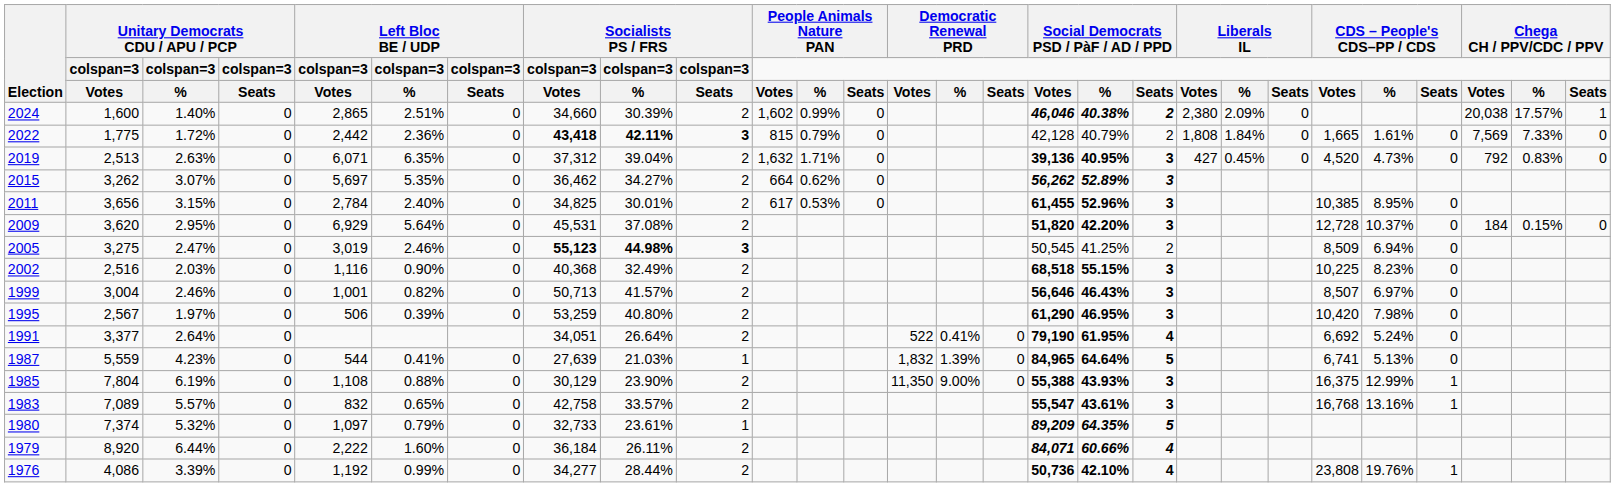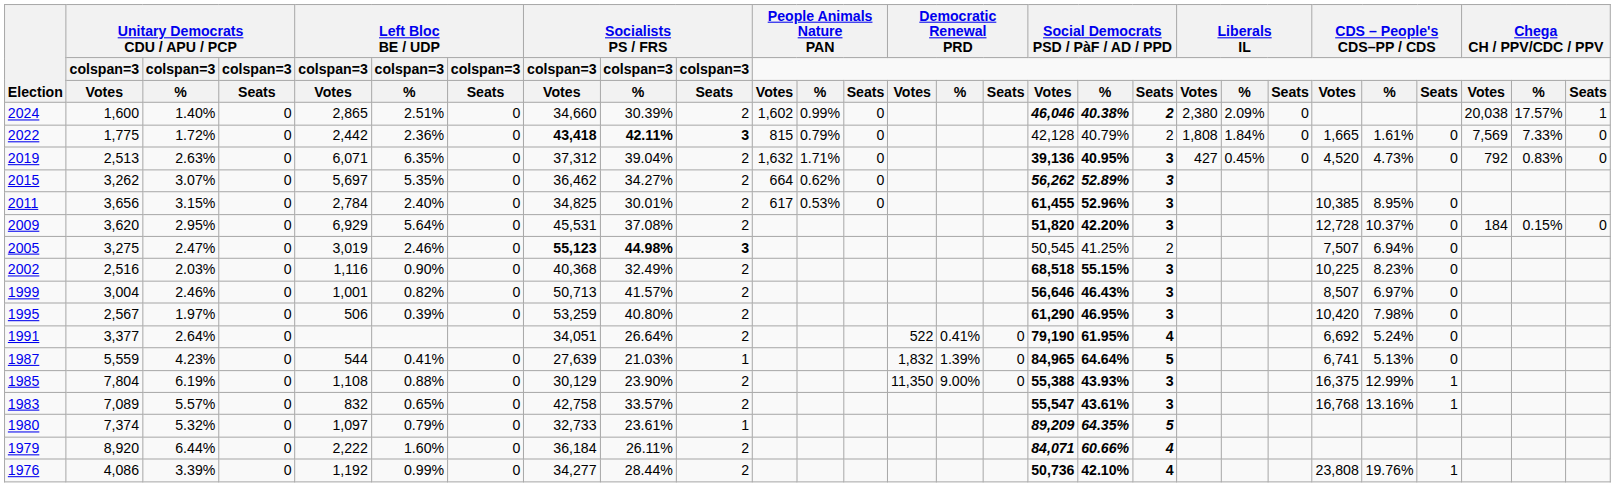 <table class="wikitable" border="1" style="font-size:85%; text-align:right;">
 <tr>
 <th style="text-align:left;" valign=bottom rowspan=3>Election</th>
 <th valign=bottom colspan=3><a href='#'>Unitary Democrats</a><br>CDU / APU / PCP</th>
 <th valign=bottom colspan=3><a href='#'>Left Bloc</a><br>BE / UDP</th>
 <th valign=bottom colspan=3><a href='#'>Socialists</a><br>PS / FRS</th>
 <th valign=bottom colspan=3><a href='#'>People Animals Nature</a><br>PAN</th>
 <th valign=bottom colspan=3><a href='#'>Democratic Renewal</a><br>PRD</th>
 <th valign=bottom colspan=3><a href='#'>Social Democrats</a><br>PSD / PàF / AD / PPD</th>
 <th valign=bottom colspan=3><a href='#'>Liberals</a><br>IL</th>
 <th valign=bottom colspan=3><a href='#'>CDS – People's</a><br>CDS–PP / CDS</th>
 <th valign=bottom colspan=3><a href='#'>Chega</a><br>CH / PPV/CDC / PPV</th>
 </tr>
 <tr>
 <th>colspan=3 </th>
 <th>colspan=3 </th>
 <th>colspan=3 </th>
 <th>colspan=3 </th>
 <th>colspan=3 </th>
 <th>colspan=3 </th>
 <th>colspan=3 </th>
 <th>colspan=3 </th>
 <th>colspan=3 </th>
 </tr>
 <tr>
 <th>Votes</th>
 <th>%</th>
 <th>Seats</th>
 <th>Votes</th>
 <th>%</th>
 <th>Seats</th>
 <th>Votes</th>
 <th>%</th>
 <th>Seats</th>
 <th>Votes</th>
 <th>%</th>
 <th>Seats</th>
 <th>Votes</th>
 <th>%</th>
 <th>Seats</th>
 <th>Votes</th>
 <th>%</th>
 <th>Seats</th>
 <th>Votes</th>
 <th>%</th>
 <th>Seats</th>
 <th>Votes</th>
 <th>%</th>
 <th>Seats</th>
 <th>Votes</th>
 <th>%</th>
 <th>Seats</th>
 </tr>
 <tr>
 <td align=left><a href='#'>2024</a></td>
 <td>1,600</td>
 <td>1.40%</td>
 <td>0</td>
 <td>2,865</td>
 <td>2.51%</td>
 <td>0</td>
 <td>34,660</td>
 <td>30.39%</td>
 <td>2</td>
 <td>1,602</td>
 <td>0.99%</td>
 <td>0</td>
 <td></td>
 <td></td>
 <td></td>
 <td><strong><em>46,046</em></strong></td>
 <td><strong><em>40.38%</em></strong></td>
 <td><strong><em>2</em></strong></td>
 <td>2,380</td>
 <td>2.09%</td>
 <td>0</td>
 <td></td>
 <td></td>
 <td></td>
 <td>20,038</td>
 <td>17.57%</td>
 <td>1</td>
 </tr>
 <tr>
 <td align=left><a href='#'>2022</a></td>
 <td>1,775</td>
 <td>1.72%</td>
 <td>0</td>
 <td>2,442</td>
 <td>2.36%</td>
 <td>0</td>
 <td><strong>43,418</strong></td>
 <td><strong>42.11%</strong></td>
 <td><strong>3</strong></td>
 <td>815</td>
 <td>0.79%</td>
 <td>0</td>
 <td></td>
 <td></td>
 <td></td>
 <td>42,128</td>
 <td>40.79%</td>
 <td>2</td>
 <td>1,808</td>
 <td>1.84%</td>
 <td>0</td>
 <td>1,665</td>
 <td>1.61%</td>
 <td>0</td>
 <td>7,569</td>
 <td>7.33%</td>
 <td>0</td>
 </tr>
 <tr>
 <td align=left><a href='#'>2019</a></td>
 <td>2,513</td>
 <td>2.63%</td>
 <td>0</td>
 <td>6,071</td>
 <td>6.35%</td>
 <td>0</td>
 <td>37,312</td>
 <td>39.04%</td>
 <td>2</td>
 <td>1,632</td>
 <td>1.71%</td>
 <td>0</td>
 <td></td>
 <td></td>
 <td></td>
 <td><strong>39,136</strong></td>
 <td><strong>40.95%</strong></td>
 <td><strong>3</strong></td>
 <td>427</td>
 <td>0.45%</td>
 <td>0</td>
 <td>4,520</td>
 <td>4.73%</td>
 <td>0</td>
 <td>792</td>
 <td>0.83%</td>
 <td>0</td>
 </tr>
 <tr>
 <td align=left><a href='#'>2015</a></td>
 <td>3,262</td>
 <td>3.07%</td>
 <td>0</td>
 <td>5,697</td>
 <td>5.35%</td>
 <td>0</td>
 <td>36,462</td>
 <td>34.27%</td>
 <td>2</td>
 <td>664</td>
 <td>0.62%</td>
 <td>0</td>
 <td></td>
 <td></td>
 <td></td>
 <td><strong><em>56,262</em></strong></td>
 <td><strong><em>52.89%</em></strong></td>
 <td><strong><em>3</em></strong></td>
 <td></td>
 <td></td>
 <td></td>
 <td></td>
 <td></td>
 <td></td>
 <td></td>
 <td></td>
 <td></td>
 </tr>
 <tr>
 <td align=left><a href='#'>2011</a></td>
 <td>3,656</td>
 <td>3.15%</td>
 <td>0</td>
 <td>2,784</td>
 <td>2.40%</td>
 <td>0</td>
 <td>34,825</td>
 <td>30.01%</td>
 <td>2</td>
 <td>617</td>
 <td>0.53%</td>
 <td>0</td>
 <td></td>
 <td></td>
 <td></td>
 <td><strong>61,455</strong></td>
 <td><strong>52.96%</strong></td>
 <td><strong>3</strong></td>
 <td></td>
 <td></td>
 <td></td>
 <td>10,385</td>
 <td>8.95%</td>
 <td>0</td>
 <td></td>
 <td></td>
 <td></td>
 </tr>
 <tr>
 <td align=left><a href='#'>2009</a></td>
 <td>3,620</td>
 <td>2.95%</td>
 <td>0</td>
 <td>6,929</td>
 <td>5.64%</td>
 <td>0</td>
 <td>45,531</td>
 <td>37.08%</td>
 <td>2</td>
 <td></td>
 <td></td>
 <td></td>
 <td></td>
 <td></td>
 <td></td>
 <td><strong>51,820</strong></td>
 <td><strong>42.20%</strong></td>
 <td><strong>3</strong></td>
 <td></td>
 <td></td>
 <td></td>
 <td>12,728</td>
 <td>10.37%</td>
 <td>0</td>
 <td>184</td>
 <td>0.15%</td>
 <td>0</td>
 </tr>
 <tr>
 <td align=left><a href='#'>2005</a></td>
 <td>3,275</td>
 <td>2.47%</td>
 <td>0</td>
 <td>3,019</td>
 <td>2.46%</td>
 <td>0</td>
 <td><strong>55,123</strong></td>
 <td><strong>44.98%</strong></td>
 <td><strong>3</strong></td>
 <td></td>
 <td></td>
 <td></td>
 <td></td>
 <td></td>
 <td></td>
 <td>50,545</td>
 <td>41.25%</td>
 <td>2</td>
 <td></td>
 <td></td>
 <td></td>
-<td>8,509</td>
+<td>7,507</td>
 <td>6.94%</td>
 <td>0</td>
 <td></td>
 <td></td>
 <td></td>
 </tr>
 <tr>
 <td align=left><a href='#'>2002</a></td>
 <td>2,516</td>
 <td>2.03%</td>
 <td>0</td>
 <td>1,116</td>
 <td>0.90%</td>
 <td>0</td>
 <td>40,368</td>
 <td>32.49%</td>
 <td>2</td>
 <td></td>
 <td></td>
 <td></td>
 <td></td>
 <td></td>
 <td></td>
 <td><strong>68,518</strong></td>
 <td><strong>55.15%</strong></td>
 <td><strong>3</strong></td>
 <td></td>
 <td></td>
 <td></td>
 <td>10,225</td>
 <td>8.23%</td>
 <td>0</td>
 <td></td>
 <td></td>
 <td></td>
 </tr>
 <tr>
 <td align=left><a href='#'>1999</a></td>
 <td>3,004</td>
 <td>2.46%</td>
 <td>0</td>
 <td>1,001</td>
 <td>0.82%</td>
 <td>0</td>
 <td>50,713</td>
 <td>41.57%</td>
 <td>2</td>
 <td></td>
 <td></td>
 <td></td>
 <td></td>
 <td></td>
 <td></td>
 <td><strong>56,646</strong></td>
 <td><strong>46.43%</strong></td>
 <td><strong>3</strong></td>
 <td></td>
 <td></td>
 <td></td>
 <td>8,507</td>
 <td>6.97%</td>
 <td>0</td>
 <td></td>
 <td></td>
 <td></td>
 </tr>
 <tr>
 <td align=left><a href='#'>1995</a></td>
 <td>2,567</td>
 <td>1.97%</td>
 <td>0</td>
 <td>506</td>
 <td>0.39%</td>
 <td>0</td>
 <td>53,259</td>
 <td>40.80%</td>
 <td>2</td>
 <td></td>
 <td></td>
 <td></td>
 <td></td>
 <td></td>
 <td></td>
 <td><strong>61,290</strong></td>
 <td><strong>46.95%</strong></td>
 <td><strong>3</strong></td>
 <td></td>
 <td></td>
 <td></td>
 <td>10,420</td>
 <td>7.98%</td>
 <td>0</td>
 <td></td>
 <td></td>
 <td></td>
 </tr>
 <tr>
 <td align=left><a href='#'>1991</a></td>
 <td>3,377</td>
 <td>2.64%</td>
 <td>0</td>
 <td></td>
 <td></td>
 <td></td>
 <td>34,051</td>
 <td>26.64%</td>
 <td>2</td>
 <td></td>
 <td></td>
 <td></td>
 <td>522</td>
 <td>0.41%</td>
 <td>0</td>
 <td><strong>79,190</strong></td>
 <td><strong>61.95%</strong></td>
 <td><strong>4</strong></td>
 <td></td>
 <td></td>
 <td></td>
 <td>6,692</td>
 <td>5.24%</td>
 <td>0</td>
 <td></td>
 <td></td>
 <td></td>
 </tr>
 <tr>
 <td align=left><a href='#'>1987</a></td>
 <td>5,559</td>
 <td>4.23%</td>
 <td>0</td>
 <td>544</td>
 <td>0.41%</td>
 <td>0</td>
 <td>27,639</td>
 <td>21.03%</td>
 <td>1</td>
 <td></td>
 <td></td>
 <td></td>
 <td>1,832</td>
 <td>1.39%</td>
 <td>0</td>
 <td><strong>84,965</strong></td>
 <td><strong>64.64%</strong></td>
 <td><strong>5</strong></td>
 <td></td>
 <td></td>
 <td></td>
 <td>6,741</td>
 <td>5.13%</td>
 <td>0</td>
 <td></td>
 <td></td>
 <td></td>
 </tr>
 <tr>
 <td align=left><a href='#'>1985</a></td>
 <td>7,804</td>
 <td>6.19%</td>
 <td>0</td>
 <td>1,108</td>
 <td>0.88%</td>
 <td>0</td>
 <td>30,129</td>
 <td>23.90%</td>
 <td>2</td>
 <td></td>
 <td></td>
 <td></td>
 <td>11,350</td>
 <td>9.00%</td>
 <td>0</td>
 <td><strong>55,388</strong></td>
 <td><strong>43.93%</strong></td>
 <td><strong>3</strong></td>
 <td></td>
 <td></td>
 <td></td>
 <td>16,375</td>
 <td>12.99%</td>
 <td>1</td>
 <td></td>
 <td></td>
 <td></td>
 </tr>
 <tr>
 <td align=left><a href='#'>1983</a></td>
 <td>7,089</td>
 <td>5.57%</td>
 <td>0</td>
 <td>832</td>
 <td>0.65%</td>
 <td>0</td>
 <td>42,758</td>
 <td>33.57%</td>
 <td>2</td>
 <td></td>
 <td></td>
 <td></td>
 <td></td>
 <td></td>
 <td></td>
 <td><strong>55,547</strong></td>
 <td><strong>43.61%</strong></td>
 <td><strong>3</strong></td>
 <td></td>
 <td></td>
 <td></td>
 <td>16,768</td>
 <td>13.16%</td>
 <td>1</td>
 <td></td>
 <td></td>
 <td></td>
 </tr>
 <tr>
 <td align=left><a href='#'>1980</a></td>
 <td>7,374</td>
 <td>5.32%</td>
 <td>0</td>
 <td>1,097</td>
 <td>0.79%</td>
 <td>0</td>
 <td>32,733</td>
 <td>23.61%</td>
 <td>1</td>
 <td></td>
 <td></td>
 <td></td>
 <td></td>
 <td></td>
 <td></td>
 <td><strong><em>89,209</em></strong></td>
 <td><strong><em>64.35%</em></strong></td>
 <td><strong><em>5</em></strong></td>
 <td></td>
 <td></td>
 <td></td>
 <td></td>
 <td></td>
 <td></td>
 <td></td>
 <td></td>
 <td></td>
 </tr>
 <tr>
 <td align=left><a href='#'>1979</a></td>
 <td>8,920</td>
 <td>6.44%</td>
 <td>0</td>
 <td>2,222</td>
 <td>1.60%</td>
 <td>0</td>
 <td>36,184</td>
 <td>26.11%</td>
 <td>2</td>
 <td></td>
 <td></td>
 <td></td>
 <td></td>
 <td></td>
 <td></td>
 <td><strong><em>84,071</em></strong></td>
 <td><strong><em>60.66%</em></strong></td>
 <td><strong><em>4</em></strong></td>
 <td></td>
 <td></td>
 <td></td>
 <td></td>
 <td></td>
 <td></td>
 <td></td>
 <td></td>
 <td></td>
 </tr>
 <tr>
 <td align=left><a href='#'>1976</a></td>
 <td>4,086</td>
 <td>3.39%</td>
 <td>0</td>
 <td>1,192</td>
 <td>0.99%</td>
 <td>0</td>
 <td>34,277</td>
 <td>28.44%</td>
 <td>2</td>
 <td></td>
 <td></td>
 <td></td>
 <td></td>
 <td></td>
 <td></td>
 <td><strong>50,736</strong></td>
 <td><strong>42.10%</strong></td>
 <td><strong>4</strong></td>
 <td></td>
 <td></td>
 <td></td>
 <td>23,808</td>
 <td>19.76%</td>
 <td>1</td>
 <td></td>
 <td></td>
 <td></td>
 </tr>
 </table>
